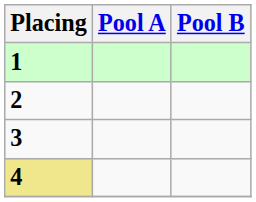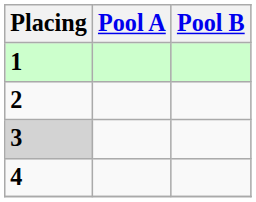 <table class=wikitable style="border:1px solid #AAAAAA;">
 <tr>
 <th>Placing</th>
 <th><a href='#'>Pool A</a></th>
 <th><a href='#'>Pool B</a></th>
 </tr>
 <tr style="background: #ccffcc;">
 <td><strong>1</strong></td>
 <td></td>
 <td></td>
 </tr>
 <tr>
 <td><strong>2</strong></td>
 <td></td>
 <td></td>
 </tr>
 <tr>
-<td><strong>3</strong></td>
+<td style="background: lightgrey;"><strong>3</strong></td>
 <td></td>
 <td></td>
 </tr>
 <tr>
-<td style="background: khaki;"><strong>4</strong></td>
+<td><strong>4</strong></td>
 <td></td>
 <td></td>
 </tr>
 <tr>
 </tr>
 </table>
